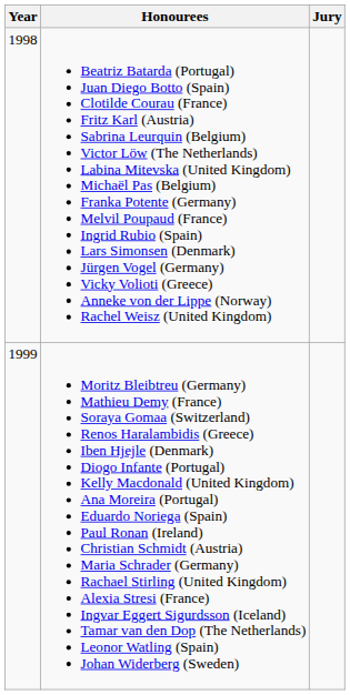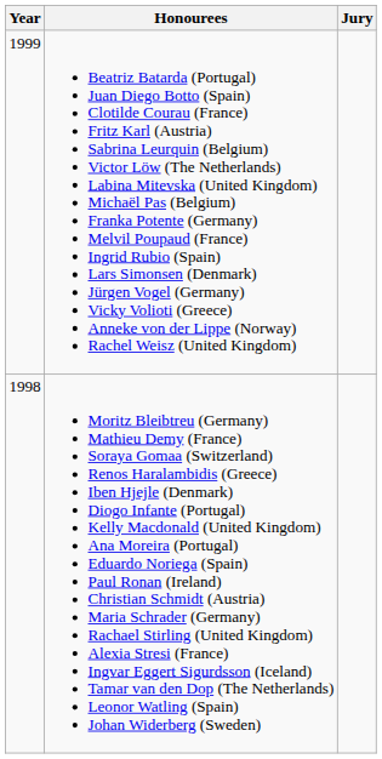 <table class="wikitable">
 <tr>
 <th>Year</th>
 <th>Honourees</th>
 <th>Jury</th>
 </tr>
 <tr valign=top>
-<td>1998</td>
+<td>1999</td>
 <td><br><ul><li><a href='#'>Beatriz Batarda</a> (Portugal)</li><li><a href='#'>Juan Diego Botto</a> (Spain)</li><li><a href='#'>Clotilde Courau</a> (France)</li><li><a href='#'>Fritz Karl</a> (Austria)</li><li><a href='#'>Sabrina Leurquin</a> (Belgium)</li><li><a href='#'>Victor Löw</a> (The Netherlands)</li><li><a href='#'>Labina Mitevska</a> (United Kingdom)</li><li><a href='#'>Michaël Pas</a> (Belgium)</li><li><a href='#'>Franka Potente</a> (Germany)</li><li><a href='#'>Melvil Poupaud</a> (France)</li><li><a href='#'>Ingrid Rubio</a> (Spain)</li><li><a href='#'>Lars Simonsen</a> (Denmark)</li><li><a href='#'>Jürgen Vogel</a> (Germany)</li><li><a href='#'>Vicky Volioti</a> (Greece)</li><li><a href='#'>Anneke von der Lippe</a> (Norway)</li><li><a href='#'>Rachel Weisz</a> (United Kingdom)</li></ul></td>
 <td></td>
 </tr>
 <tr valign=top>
-<td>1999</td>
+<td>1998</td>
 <td><br><ul><li><a href='#'>Moritz Bleibtreu</a> (Germany)</li><li><a href='#'>Mathieu Demy</a> (France)</li><li><a href='#'>Soraya Gomaa</a> (Switzerland)</li><li><a href='#'>Renos Haralambidis</a> (Greece)</li><li><a href='#'>Iben Hjejle</a> (Denmark)</li><li><a href='#'>Diogo Infante</a> (Portugal)</li><li><a href='#'>Kelly Macdonald</a> (United Kingdom)</li><li><a href='#'>Ana Moreira</a> (Portugal)</li><li><a href='#'>Eduardo Noriega</a> (Spain)</li><li><a href='#'>Paul Ronan</a> (Ireland)</li><li><a href='#'>Christian Schmidt</a> (Austria)</li><li><a href='#'>Maria Schrader</a> (Germany)</li><li><a href='#'>Rachael Stirling</a> (United Kingdom)</li><li><a href='#'>Alexia Stresi</a> (France)</li><li><a href='#'>Ingvar Eggert Sigurdsson</a> (Iceland)</li><li><a href='#'>Tamar van den Dop</a> (The Netherlands)</li><li><a href='#'>Leonor Watling</a> (Spain)</li><li><a href='#'>Johan Widerberg</a> (Sweden)</li></ul></td>
 <td></td>
 </tr>
 </table>
